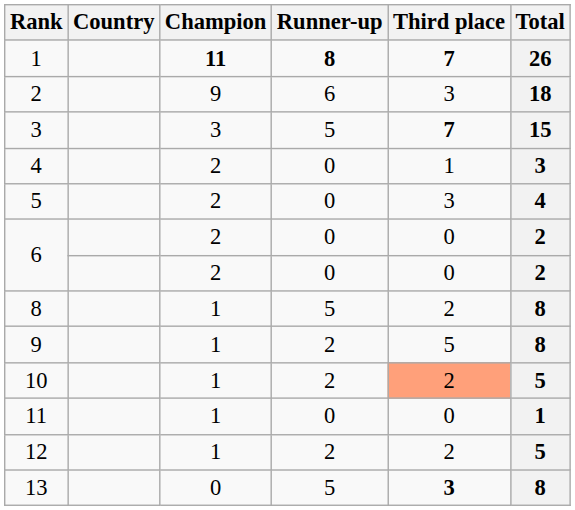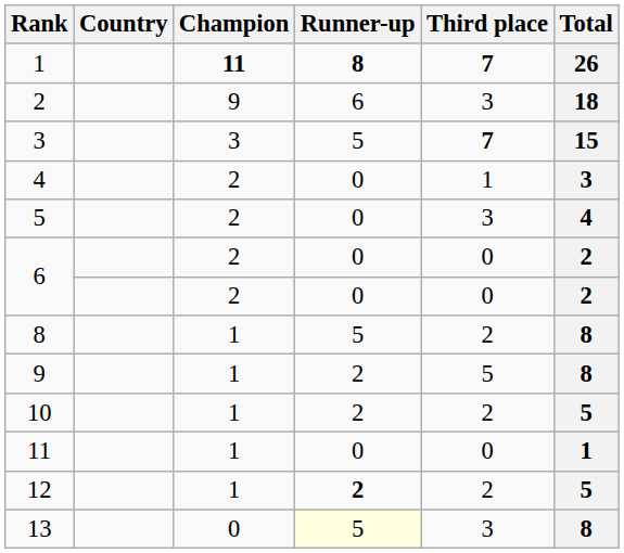 <table class="wikitable" style="text-align:center">
 <tr>
 <th>Rank</th>
 <th>Country</th>
 <th>Champion</th>
 <th>Runner-up</th>
 <th>Third place</th>
 <th>Total</th>
 </tr>
 <tr>
 <td>1</td>
 <td align=left></td>
 <td><strong>11</strong></td>
 <td><strong>8</strong></td>
 <td><strong>7</strong></td>
 <th>26</th>
 </tr>
 <tr>
 <td>2</td>
 <td align=left></td>
 <td>9</td>
 <td>6</td>
 <td>3</td>
 <th>18</th>
 </tr>
 <tr>
 <td>3</td>
 <td align=left></td>
 <td>3</td>
 <td>5</td>
 <td><strong>7</strong></td>
 <th>15</th>
 </tr>
 <tr>
 <td>4</td>
 <td align=left></td>
 <td>2</td>
 <td>0</td>
 <td>1</td>
 <th>3</th>
 </tr>
 <tr>
 <td>5</td>
 <td align="left"></td>
 <td>2</td>
 <td>0</td>
 <td>3</td>
 <th>4</th>
 </tr>
 <tr>
 <td rowspan="2">6</td>
 <td align="left"></td>
 <td>2</td>
 <td>0</td>
 <td>0</td>
 <th>2</th>
 </tr>
 <tr>
 <td align=left></td>
 <td>2</td>
 <td>0</td>
 <td>0</td>
 <th>2</th>
 </tr>
 <tr>
 <td>8</td>
 <td align=left></td>
 <td>1</td>
 <td>5</td>
 <td>2</td>
 <th>8</th>
 </tr>
 <tr>
 <td>9</td>
 <td align=left></td>
 <td>1</td>
 <td>2</td>
 <td>5</td>
 <th>8</th>
 </tr>
 <tr>
 <td>10</td>
 <td align=left></td>
 <td>1</td>
 <td>2</td>
-<td style="background: lightsalmon;">2</td>
+<td>2</td>
 <th>5</th>
 </tr>
 <tr>
 <td>11</td>
 <td align=left></td>
 <td>1</td>
 <td>0</td>
 <td>0</td>
 <th>1</th>
 </tr>
 <tr>
 <td>12</td>
 <td align=left></td>
 <td>1</td>
-<td>2</td>
+<td><strong>2</strong></td>
 <td>2</td>
 <th>5</th>
 </tr>
 <tr>
 <td>13</td>
 <td align=left></td>
 <td>0</td>
-<td>5</td>
-<td><strong>3</strong></td>
+<td style="background: lightyellow;">5</td>
+<td>3</td>
 <th>8</th>
 </tr>
 </table>
